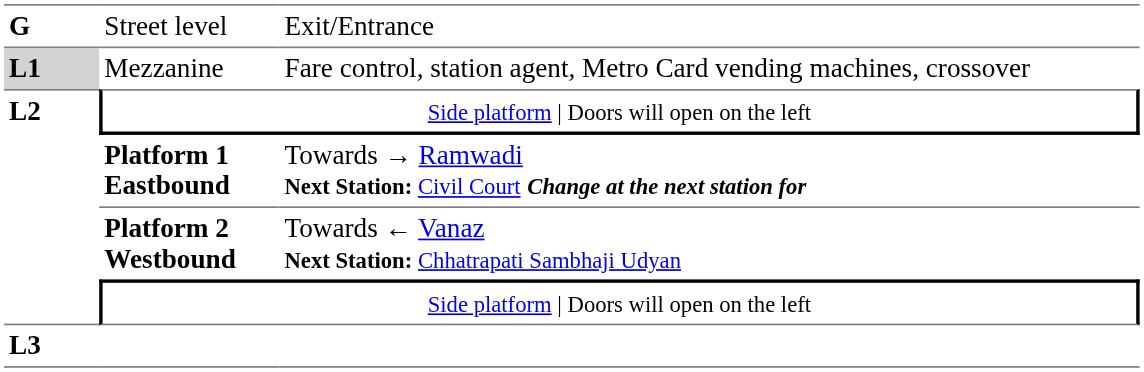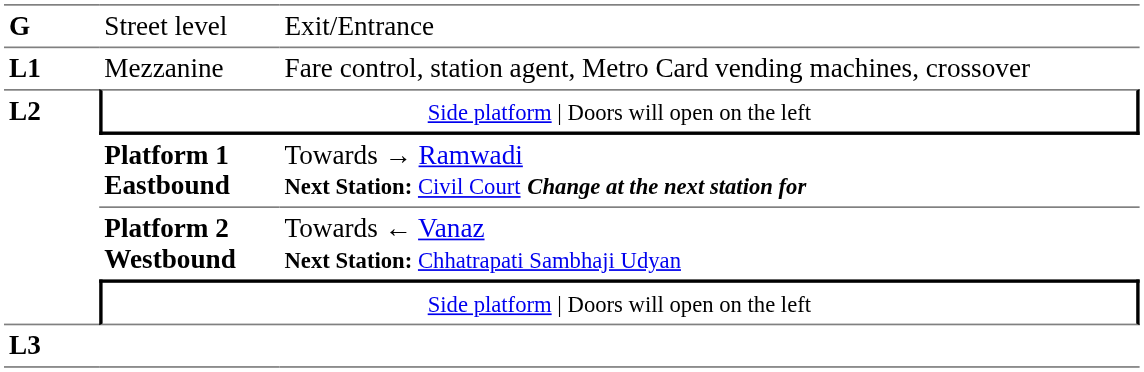 <table table border=0 cellspacing=0 cellpadding=3>
 <tr>
 <td style="border-bottom:solid 1px grey;border-top:solid 1px grey;" width=50 valign=top><strong>G</strong></td>
 <td style="border-top:solid 1px grey;border-bottom:solid 1px grey;" width=100 valign=top>Street level</td>
 <td style="border-top:solid 1px grey;border-bottom:solid 1px grey;" width=500 valign=top>Exit/Entrance</td>
 </tr>
 <tr>
-<td valign=top style="background: lightgrey;"><strong>L1</strong></td>
+<td valign=top><strong>L1</strong></td>
 <td valign=top>Mezzanine</td>
 <td valign=top>Fare control, station agent, Metro Card vending machines, crossover<br></td>
 </tr>
 <tr>
 <td style="border-top:solid 1px grey;border-bottom:solid 1px grey;" width=50 rowspan=4 valign=top><strong>L2</strong></td>
 <td style="border-top:solid 1px grey;border-right:solid 2px black;border-left:solid 2px black;border-bottom:solid 2px black;text-align:center;" colspan=2><small><a href='#'>Side platform</a> | Doors will open on the left </small></td>
 </tr>
 <tr>
 <td style="border-bottom:solid 1px grey;" width=100><span><strong>Platform 1</strong><br><strong>Eastbound</strong></span></td>
 <td style="border-bottom:solid 1px grey;" width=500>Towards → <a href='#'>Ramwadi</a><br><small><strong>Next Station:</strong> <a href='#'>Civil Court</a></small> <small><strong><em>Change at the next station for </em></strong></small></td>
 </tr>
 <tr>
 <td><span><strong>Platform 2</strong><br><strong>Westbound</strong></span></td>
 <td>Towards ← <a href='#'>Vanaz</a><br><small><strong>Next Station:</strong> <a href='#'>Chhatrapati Sambhaji Udyan</a></small></td>
 </tr>
 <tr>
 <td style="border-top:solid 2px black;border-right:solid 2px black;border-left:solid 2px black;border-bottom:solid 1px grey;" colspan=2  align=center><small><a href='#'>Side platform</a> | Doors will open on the left </small></td>
 </tr>
 <tr>
 <td style="border-bottom:solid 1px grey;" width=50 rowspan=2 valign=top><strong>L3</strong></td>
 <td style="border-bottom:solid 1px grey;" width=100></td>
 <td style="border-bottom:solid 1px grey;" width=500></td>
 </tr>
 <tr>
 </tr>
 </table>
